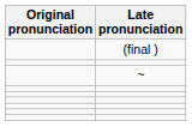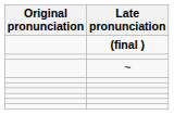 <table class="wikitable" style=text-align:center>
 <tr>
 <th>Original<br>pronunciation</th>
 <th>Late<br>pronunciation</th>
 </tr>
 <tr>
 <td></td>
-<td> (final )</td>
+<td><strong> (final )</strong></td>
 </tr>
 <tr>
 <td></td>
 <td></td>
 </tr>
 <tr>
 <td></td>
 <td> ~ </td>
 </tr>
 <tr>
 <td></td>
 <td></td>
 </tr>
 <tr>
 <td></td>
 <td></td>
 </tr>
 <tr>
 <td></td>
 <td></td>
 </tr>
 <tr>
 <td></td>
 <td></td>
 </tr>
 <tr>
 <td></td>
 <td></td>
 </tr>
 <tr>
 <td></td>
 <td></td>
 </tr>
 </table>
